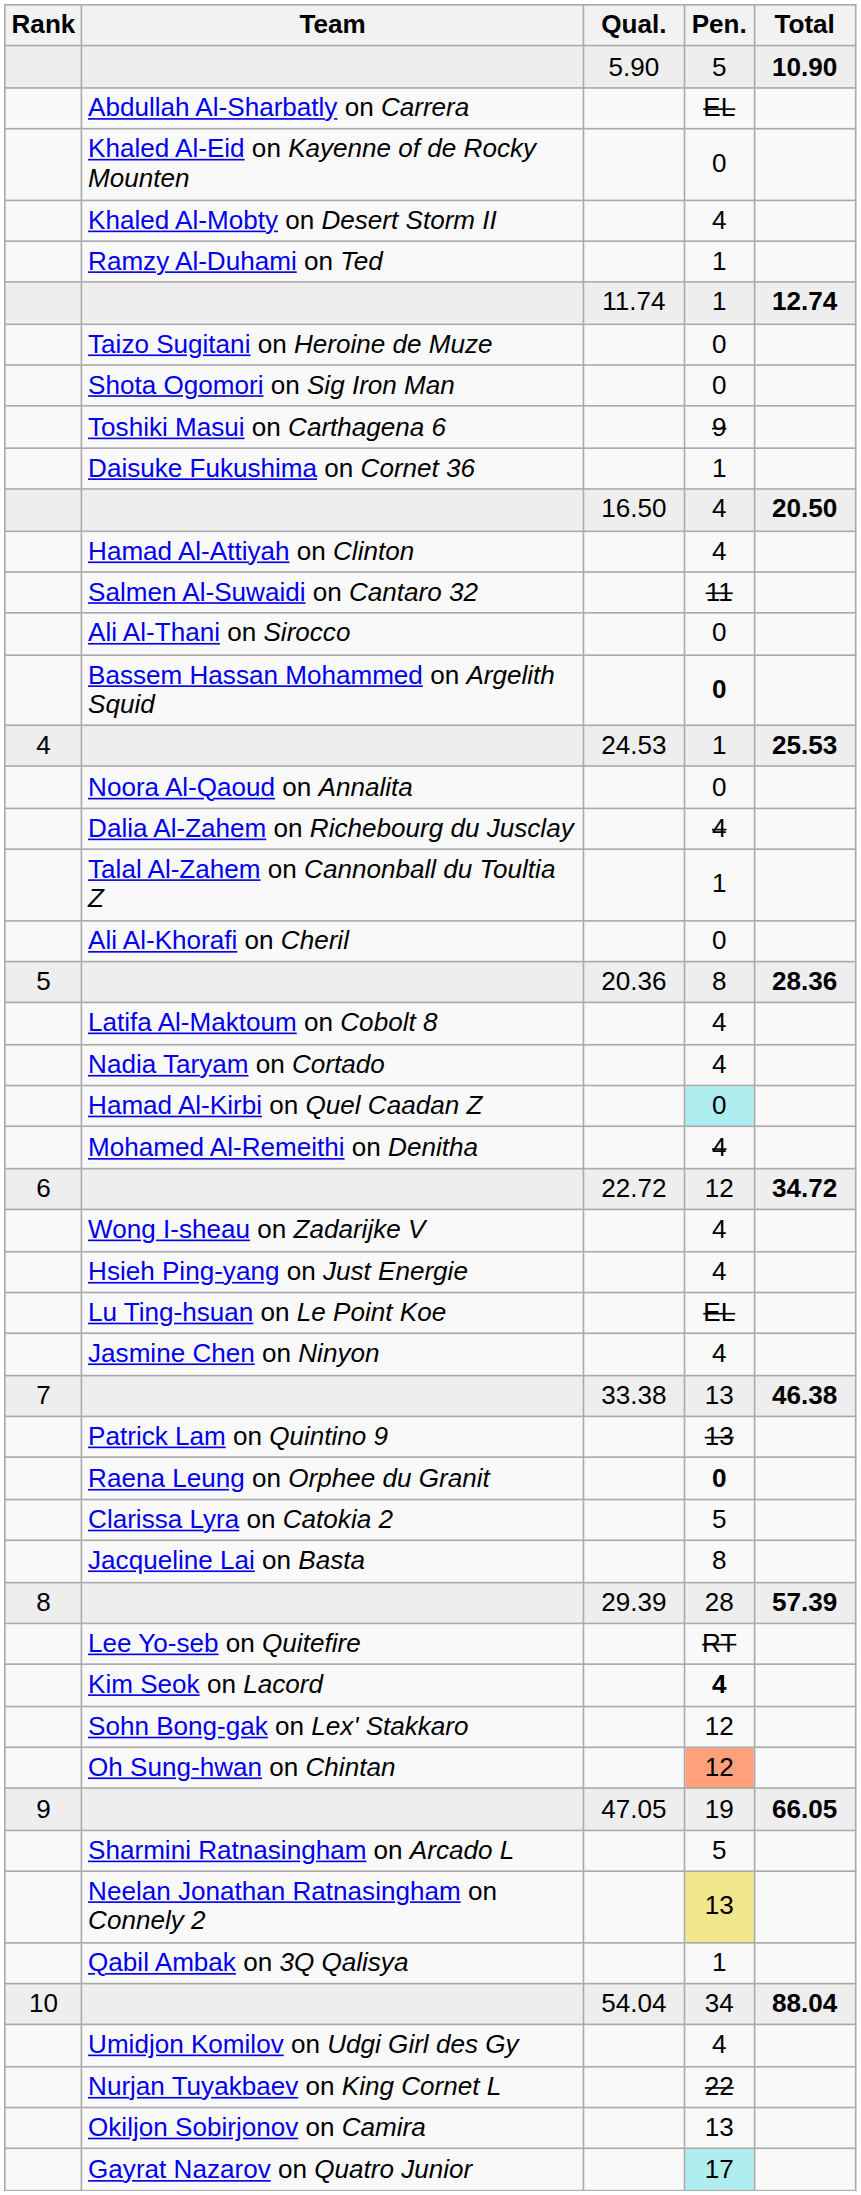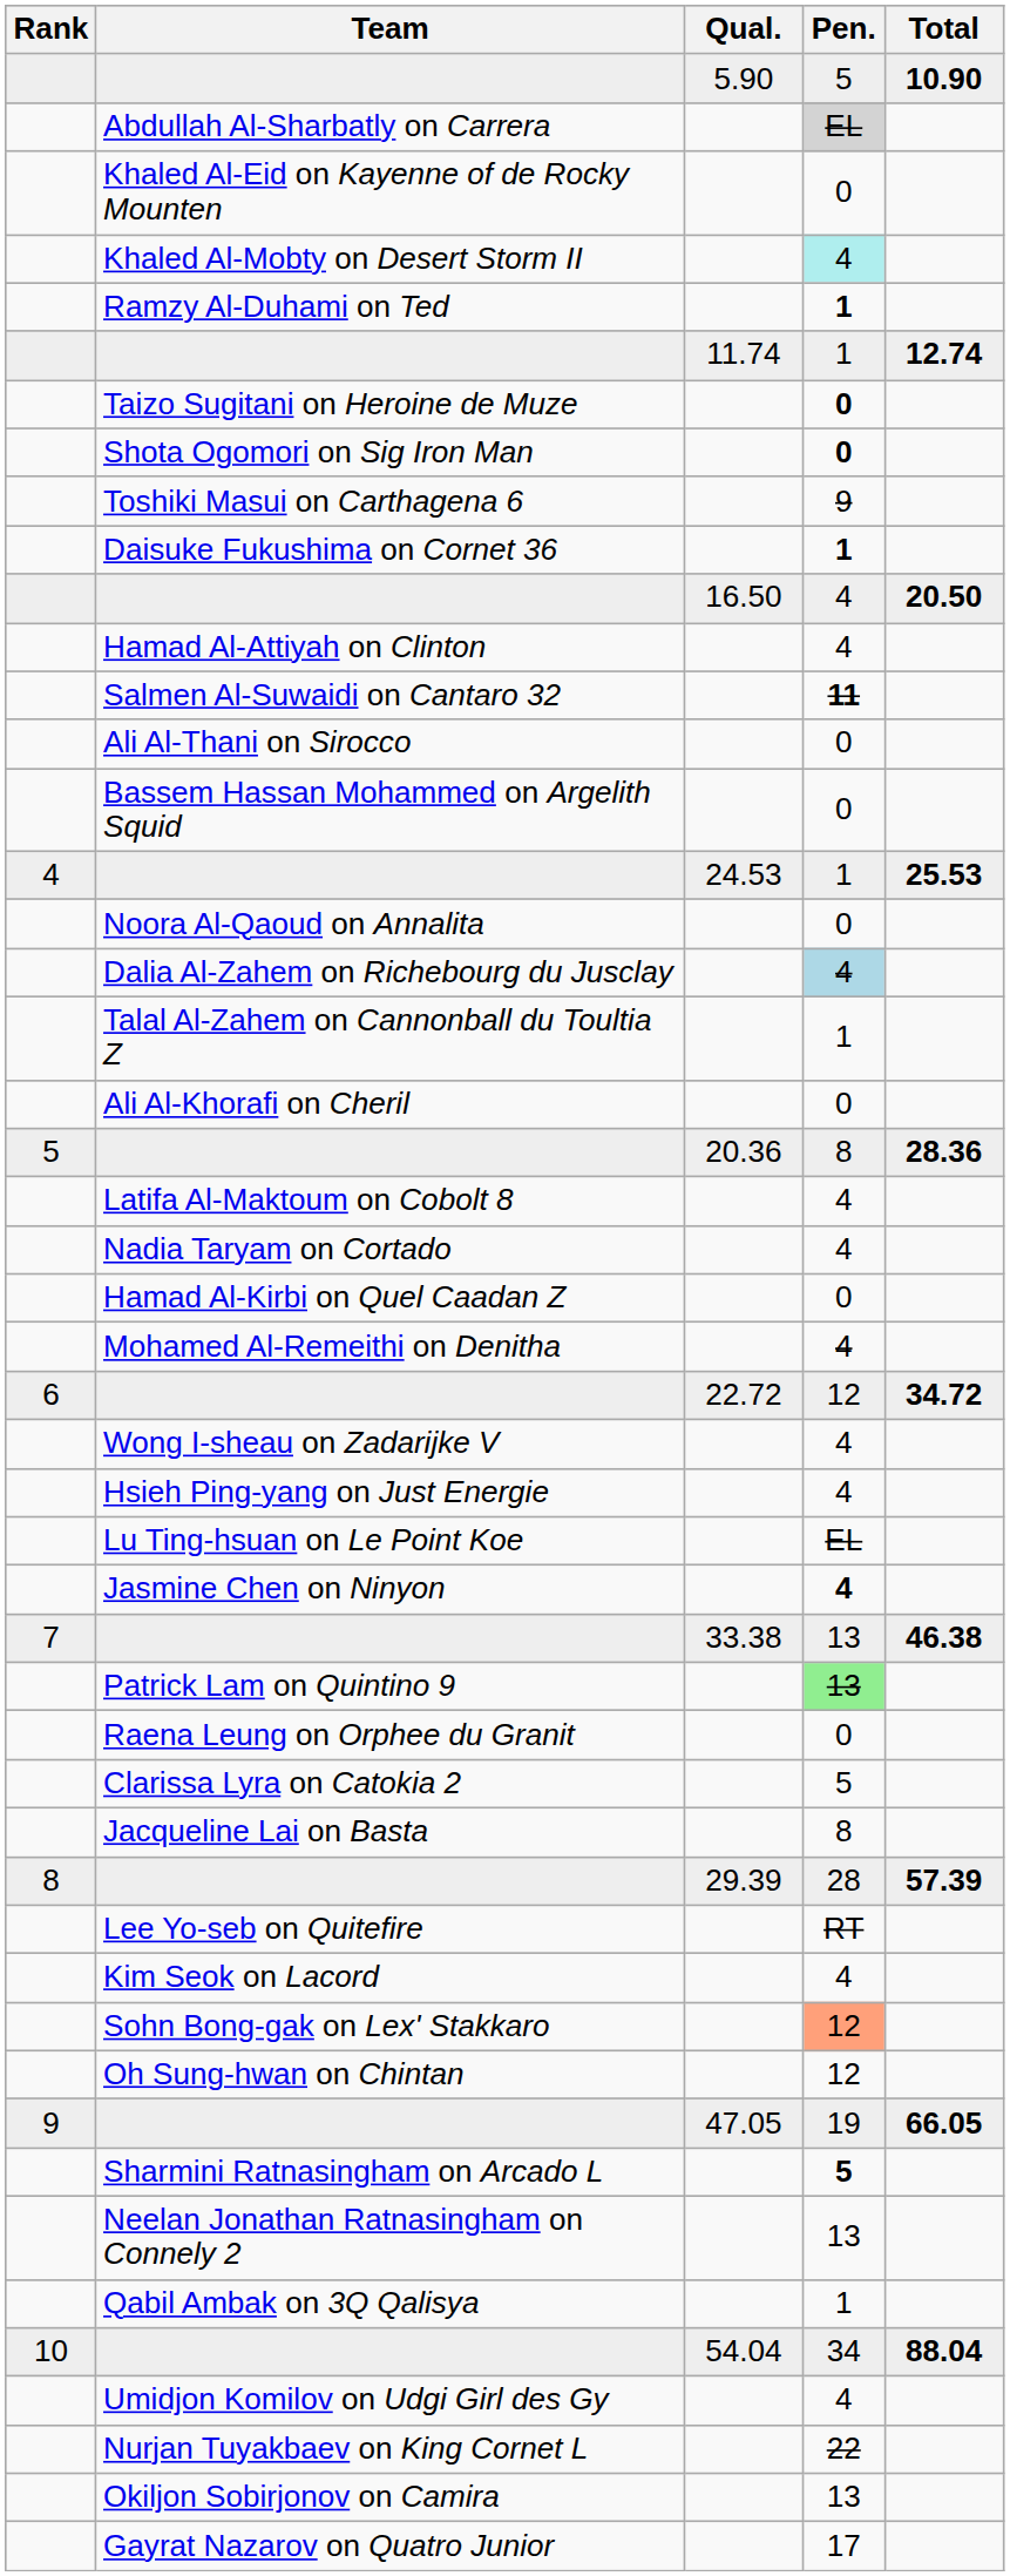 <table class=wikitable style="text-align:center">
 <tr>
 <th width=40>Rank</th>
 <th width=300>Team</th>
 <th width=55>Qual.</th>
 <th width=35>Pen.</th>
 <th width=55>Total</th>
 </tr>
 <tr bgcolor=eeeeee>
 <td></td>
 <td align=left></td>
 <td>5.90</td>
 <td>5</td>
 <td><strong>10.90</strong></td>
 </tr>
 <tr>
 <td></td>
 <td align=left><a href='#'>Abdullah Al-Sharbatly</a> on <em>Carrera</em></td>
 <td></td>
-<td><s>EL</s></td>
+<td style="background: lightgrey;"><s>EL</s></td>
 <td></td>
 </tr>
 <tr>
 <td></td>
 <td align=left><a href='#'>Khaled Al-Eid</a> on <em>Kayenne of de Rocky Mounten</em></td>
 <td></td>
 <td>0</td>
 <td></td>
 </tr>
 <tr>
 <td></td>
 <td align=left><a href='#'>Khaled Al-Mobty</a> on <em>Desert Storm II</em></td>
 <td></td>
-<td>4</td>
+<td style="background: paleturquoise;">4</td>
 <td></td>
 </tr>
 <tr>
 <td></td>
 <td align=left><a href='#'>Ramzy Al-Duhami</a> on <em>Ted</em></td>
 <td></td>
-<td>1</td>
+<td><strong>1</strong></td>
 <td></td>
 </tr>
 <tr bgcolor=eeeeee>
 <td></td>
 <td align=left></td>
 <td>11.74</td>
 <td>1</td>
 <td><strong>12.74</strong></td>
 </tr>
 <tr>
 <td></td>
 <td align=left><a href='#'>Taizo Sugitani</a> on <em>Heroine de Muze</em></td>
 <td></td>
-<td>0</td>
+<td><strong>0</strong></td>
 <td></td>
 </tr>
 <tr>
 <td></td>
 <td align=left><a href='#'>Shota Ogomori</a> on <em>Sig Iron Man</em></td>
 <td></td>
-<td>0</td>
+<td><strong>0</strong></td>
 <td></td>
 </tr>
 <tr>
 <td></td>
 <td align=left><a href='#'>Toshiki Masui</a> on <em>Carthagena 6</em></td>
 <td></td>
 <td><s>9</s></td>
 <td></td>
 </tr>
 <tr>
 <td></td>
 <td align=left><a href='#'>Daisuke Fukushima</a> on <em>Cornet 36</em></td>
 <td></td>
-<td>1</td>
+<td><strong>1</strong></td>
 <td></td>
 </tr>
 <tr bgcolor=eeeeee>
 <td></td>
 <td align=left></td>
 <td>16.50</td>
 <td>4</td>
 <td><strong>20.50</strong></td>
 </tr>
 <tr>
 <td></td>
 <td align=left><a href='#'>Hamad Al-Attiyah</a> on <em>Clinton</em></td>
 <td></td>
 <td>4</td>
 <td></td>
 </tr>
 <tr>
 <td></td>
 <td align=left><a href='#'>Salmen Al-Suwaidi</a> on <em>Cantaro 32</em></td>
 <td></td>
-<td><s>11</s></td>
+<td><strong><s>11</s></strong></td>
 <td></td>
 </tr>
 <tr>
 <td></td>
 <td align=left><a href='#'>Ali Al-Thani</a> on <em>Sirocco</em></td>
 <td></td>
 <td>0</td>
 <td></td>
 </tr>
 <tr>
 <td></td>
 <td align=left><a href='#'>Bassem Hassan Mohammed</a> on <em>Argelith Squid</em></td>
 <td></td>
-<td><strong>0</strong></td>
+<td>0</td>
 <td></td>
 </tr>
 <tr bgcolor=eeeeee>
 <td>4</td>
 <td align=left></td>
 <td>24.53</td>
 <td>1</td>
 <td><strong>25.53</strong></td>
 </tr>
 <tr>
 <td></td>
 <td align=left><a href='#'>Noora Al-Qaoud</a> on <em>Annalita</em></td>
 <td></td>
 <td>0</td>
 <td></td>
 </tr>
 <tr>
 <td></td>
 <td align=left><a href='#'>Dalia Al-Zahem</a> on <em>Richebourg du Jusclay</em></td>
 <td></td>
-<td><s>4</s></td>
+<td style="background: lightblue;"><s>4</s></td>
 <td></td>
 </tr>
 <tr>
 <td></td>
 <td align=left><a href='#'>Talal Al-Zahem</a> on <em>Cannonball du Toultia Z</em></td>
 <td></td>
 <td>1</td>
 <td></td>
 </tr>
 <tr>
 <td></td>
 <td align=left><a href='#'>Ali Al-Khorafi</a> on <em>Cheril</em></td>
 <td></td>
 <td>0</td>
 <td></td>
 </tr>
 <tr bgcolor=eeeeee>
 <td>5</td>
 <td align=left></td>
 <td>20.36</td>
 <td>8</td>
 <td><strong>28.36</strong></td>
 </tr>
 <tr>
 <td></td>
 <td align=left><a href='#'>Latifa Al-Maktoum</a> on <em>Cobolt 8</em></td>
 <td></td>
 <td>4</td>
 <td></td>
 </tr>
 <tr>
 <td></td>
 <td align=left><a href='#'>Nadia Taryam</a> on <em>Cortado</em></td>
 <td></td>
 <td>4</td>
 <td></td>
 </tr>
 <tr>
 <td></td>
 <td align=left><a href='#'>Hamad Al-Kirbi</a> on <em>Quel Caadan Z</em></td>
 <td></td>
-<td style="background: paleturquoise;">0</td>
+<td>0</td>
 <td></td>
 </tr>
 <tr>
 <td></td>
 <td align=left><a href='#'>Mohamed Al-Remeithi</a> on <em>Denitha</em></td>
 <td></td>
 <td><s>4</s></td>
 <td></td>
 </tr>
 <tr bgcolor=eeeeee>
 <td>6</td>
 <td align=left></td>
 <td>22.72</td>
 <td>12</td>
 <td><strong>34.72</strong></td>
 </tr>
 <tr>
 <td></td>
 <td align=left><a href='#'>Wong I-sheau</a> on <em>Zadarijke V</em></td>
 <td></td>
 <td>4</td>
 <td></td>
 </tr>
 <tr>
 <td></td>
 <td align=left><a href='#'>Hsieh Ping-yang</a> on <em>Just Energie</em></td>
 <td></td>
 <td>4</td>
 <td></td>
 </tr>
 <tr>
 <td></td>
 <td align=left><a href='#'>Lu Ting-hsuan</a> on <em>Le Point Koe</em></td>
 <td></td>
 <td><s>EL</s></td>
 <td></td>
 </tr>
 <tr>
 <td></td>
 <td align=left><a href='#'>Jasmine Chen</a> on <em>Ninyon</em></td>
 <td></td>
-<td>4</td>
+<td><strong>4</strong></td>
 <td></td>
 </tr>
 <tr bgcolor=eeeeee>
 <td>7</td>
 <td align=left></td>
 <td>33.38</td>
 <td>13</td>
 <td><strong>46.38</strong></td>
 </tr>
 <tr>
 <td></td>
 <td align=left><a href='#'>Patrick Lam</a> on <em>Quintino 9</em></td>
 <td></td>
-<td><s>13</s></td>
+<td style="background: lightgreen;"><s>13</s></td>
 <td></td>
 </tr>
 <tr>
 <td></td>
 <td align=left><a href='#'>Raena Leung</a> on <em>Orphee du Granit</em></td>
 <td></td>
-<td><strong>0</strong></td>
+<td>0</td>
 <td></td>
 </tr>
 <tr>
 <td></td>
 <td align=left><a href='#'>Clarissa Lyra</a> on <em>Catokia 2</em></td>
 <td></td>
 <td>5</td>
 <td></td>
 </tr>
 <tr>
 <td></td>
 <td align=left><a href='#'>Jacqueline Lai</a> on <em>Basta</em></td>
 <td></td>
 <td>8</td>
 <td></td>
 </tr>
 <tr bgcolor=eeeeee>
 <td>8</td>
 <td align=left></td>
 <td>29.39</td>
 <td>28</td>
 <td><strong>57.39</strong></td>
 </tr>
 <tr>
 <td></td>
 <td align=left><a href='#'>Lee Yo-seb</a> on <em>Quitefire</em></td>
 <td></td>
 <td><s>RT</s></td>
 <td></td>
 </tr>
 <tr>
 <td></td>
 <td align=left><a href='#'>Kim Seok</a> on <em>Lacord</em></td>
 <td></td>
-<td><strong>4</strong></td>
+<td>4</td>
 <td></td>
 </tr>
 <tr>
 <td></td>
 <td align=left><a href='#'>Sohn Bong-gak</a> on <em>Lex' Stakkaro</em></td>
 <td></td>
-<td>12</td>
+<td style="background: lightsalmon;">12</td>
 <td></td>
 </tr>
 <tr>
 <td></td>
 <td align=left><a href='#'>Oh Sung-hwan</a> on <em>Chintan</em></td>
 <td></td>
-<td style="background: lightsalmon;">12</td>
+<td>12</td>
 <td></td>
 </tr>
 <tr bgcolor=eeeeee>
 <td>9</td>
 <td align=left></td>
 <td>47.05</td>
 <td>19</td>
 <td><strong>66.05</strong></td>
 </tr>
 <tr>
 <td></td>
 <td align=left><a href='#'>Sharmini Ratnasingham</a> on <em>Arcado L</em></td>
 <td></td>
-<td>5</td>
+<td><strong>5</strong></td>
 <td></td>
 </tr>
 <tr>
 <td></td>
 <td align=left><a href='#'>Neelan Jonathan Ratnasingham</a> on <em>Connely 2</em></td>
 <td></td>
-<td style="background: khaki;">13</td>
+<td>13</td>
 <td></td>
 </tr>
 <tr>
 <td></td>
 <td align=left><a href='#'>Qabil Ambak</a> on <em>3Q Qalisya</em></td>
 <td></td>
 <td>1</td>
 <td></td>
 </tr>
 <tr bgcolor=eeeeee>
 <td>10</td>
 <td align=left></td>
 <td>54.04</td>
 <td>34</td>
 <td><strong>88.04</strong></td>
 </tr>
 <tr>
 <td></td>
 <td align=left><a href='#'>Umidjon Komilov</a> on <em>Udgi Girl des Gy</em></td>
 <td></td>
 <td>4</td>
 <td></td>
 </tr>
 <tr>
 <td></td>
 <td align=left><a href='#'>Nurjan Tuyakbaev</a> on <em>King Cornet L</em></td>
 <td></td>
 <td><s>22</s></td>
 <td></td>
 </tr>
 <tr>
 <td></td>
 <td align=left><a href='#'>Okiljon Sobirjonov</a> on <em>Camira</em></td>
 <td></td>
 <td>13</td>
 <td></td>
 </tr>
 <tr>
 <td></td>
 <td align=left><a href='#'>Gayrat Nazarov</a> on <em>Quatro Junior</em></td>
 <td></td>
-<td style="background: paleturquoise;">17</td>
+<td>17</td>
 <td></td>
 </tr>
 </table>
